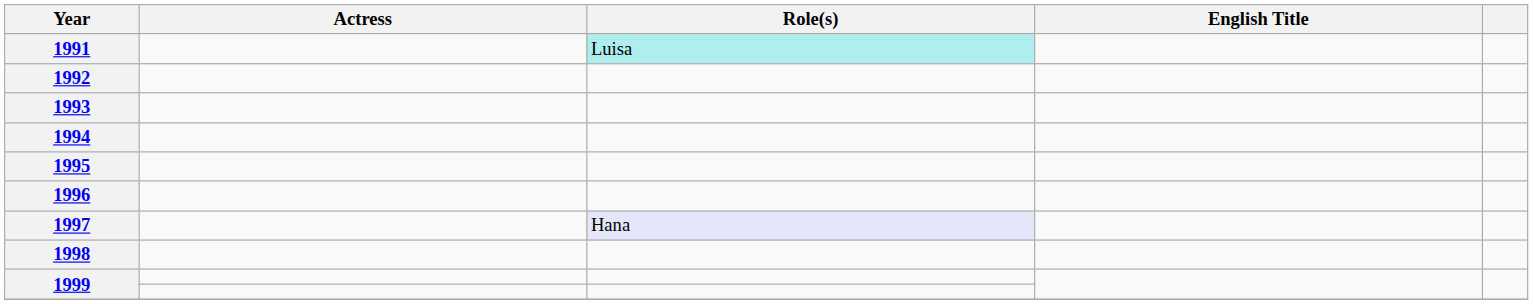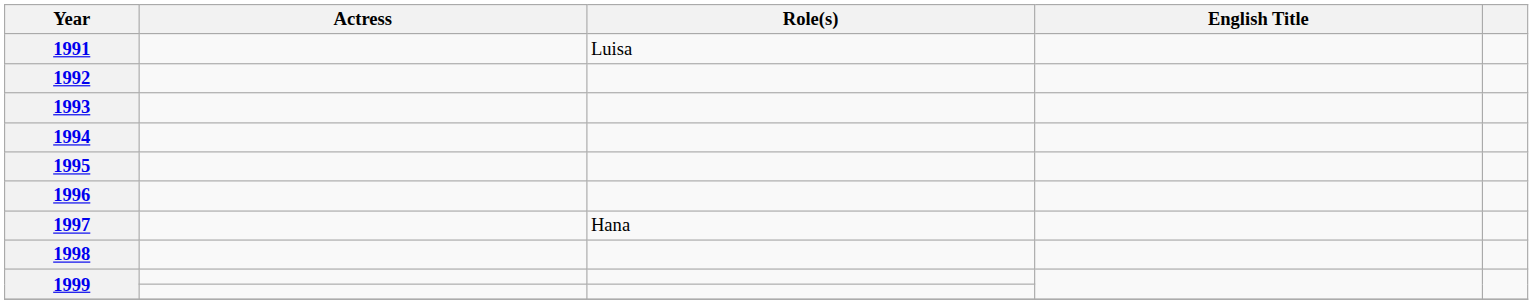 <table class="wikitable unsortable">
 <tr>
 <th scope="col" style="width:3%;">Year</th>
 <th scope="col" style="width:10%;">Actress</th>
 <th scope="col" style="width:10%;">Role(s)</th>
 <th scope="col" style="width:10%;">English Title</th>
 <th scope="col" style="width:1%;" class="unsortable"></th>
 </tr>
 <tr>
 <th scope="row" style="text-align:center"><a href='#'>1991</a></th>
 <td></td>
-<td style="background: paleturquoise;">Luisa</td>
+<td>Luisa</td>
 <td></td>
 <td style="text-align:center;"></td>
 </tr>
 <tr>
 <th scope="row", style="text-align:center;"><a href='#'>1992</a></th>
 <td></td>
 <td></td>
 <td></td>
 <td style="text-align:center;"></td>
 </tr>
 <tr>
 <th scope="row", style="text-align:center;"><a href='#'>1993</a></th>
 <td></td>
 <td></td>
 <td colspan="1"></td>
 <td style="text-align:center;"></td>
 </tr>
 <tr>
 <th scope="row", style="text-align:center;"><a href='#'>1994</a></th>
 <td></td>
 <td></td>
 <td colspan="1"></td>
 <td style="text-align:center;"></td>
 </tr>
 <tr>
 <th scope="row", style="text-align:center;"><a href='#'>1995</a></th>
 <td></td>
 <td></td>
 <td></td>
 <td style="text-align:center;"></td>
 </tr>
 <tr>
 <th scope="row", style="text-align:center;"><a href='#'>1996</a></th>
 <td></td>
 <td></td>
 <td></td>
 <td style="text-align:center;"></td>
 </tr>
 <tr>
 <th scope="row", style="text-align:center;"><a href='#'>1997</a></th>
 <td></td>
-<td style="background: lavender;">Hana</td>
+<td>Hana</td>
 <td colspan="1"></td>
 <td style="text-align:center;"></td>
 </tr>
 <tr>
 <th scope="row", style="text-align:center;"><a href='#'>1998</a></th>
 <td></td>
 <td></td>
 <td></td>
 <td style="text-align:center;"></td>
 </tr>
 <tr>
 <th scope="row", rowspan="2" style="text-align:center;"><a href='#'>1999</a></th>
 <td></td>
 <td></td>
 <td colspan="1" rowspan="2"></td>
 <td rowspan="2" style="text-align:center;"></td>
 </tr>
 <tr>
 <td></td>
 <td></td>
 </tr>
 <tr>
 </tr>
 </table>
